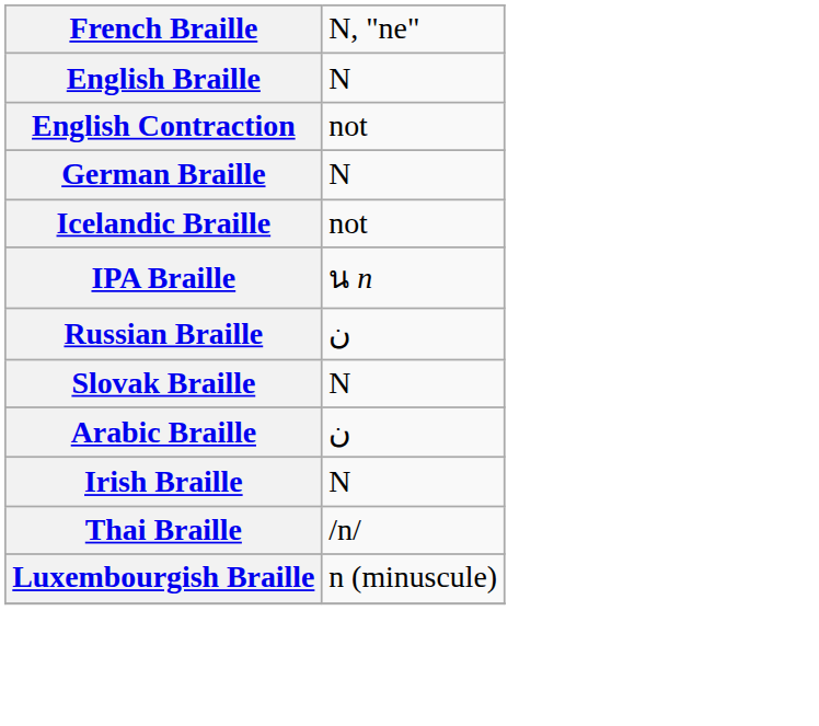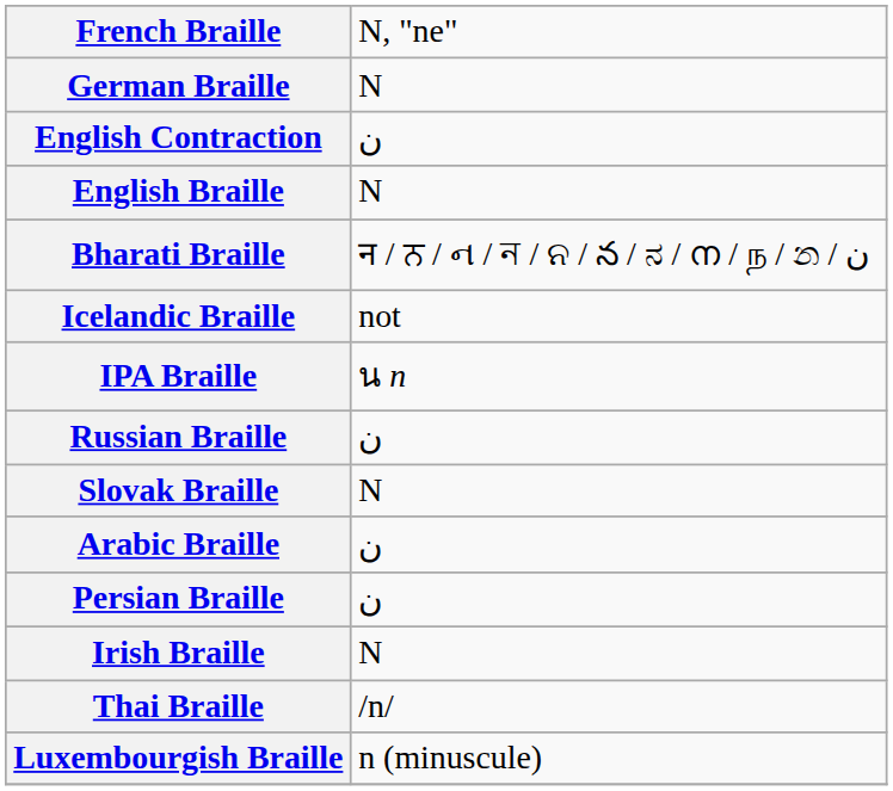 <table class="wikitable">
 <tr>
 <th align=left><a href='#'>French Braille</a></th>
 <td>N, "ne"</td>
 </tr>
 <tr>
+<th align=left><a href='#'>German Braille</a></th>
+<td>N</td>
+</tr>
+<tr>
+<th align=left><a href='#'>English Contraction</a></th>
+<td>ن</td>
+</tr>
+<tr>
 <th align=left><a href='#'>English Braille</a></th>
 <td>N</td>
 </tr>
 <tr>
-<th align=left><a href='#'>English Contraction</a></th>
-<td>not</td>
-</tr>
-<tr>
-<th align=left><a href='#'>German Braille</a></th>
-<td>N</td>
+<th align=left><a href='#'>Bharati Braille</a></th>
+<td>न / ਨ / ન / ন / ନ / న / ನ / ന / ந / න / ن ‎</td>
 </tr>
 <tr>
 <th align=left><a href='#'>Icelandic Braille</a></th>
 <td>not</td>
 </tr>
 <tr>
 <th align=left><a href='#'>IPA Braille</a></th>
 <td>น <em>n</em></td>
 </tr>
 <tr>
 <th align=left><a href='#'>Russian Braille</a></th>
 <td>ن</td>
 </tr>
 <tr>
 <th align=left><a href='#'>Slovak Braille</a></th>
 <td>N</td>
 </tr>
 <tr>
 <th align=left><a href='#'>Arabic Braille</a></th>
 <td>ن</td>
 </tr>
 <tr>
+<th align=left><a href='#'>Persian Braille</a></th>
+<td>ن</td>
+</tr>
+<tr>
 <th align=left><a href='#'>Irish Braille</a></th>
 <td>N</td>
 </tr>
 <tr>
 <th align=left><a href='#'>Thai Braille</a></th>
 <td>/n/</td>
 </tr>
 <tr>
 <th align=left><a href='#'>Luxembourgish Braille</a></th>
 <td>n (minuscule)</td>
 </tr>
 <tr>
 </tr>
 </table>
